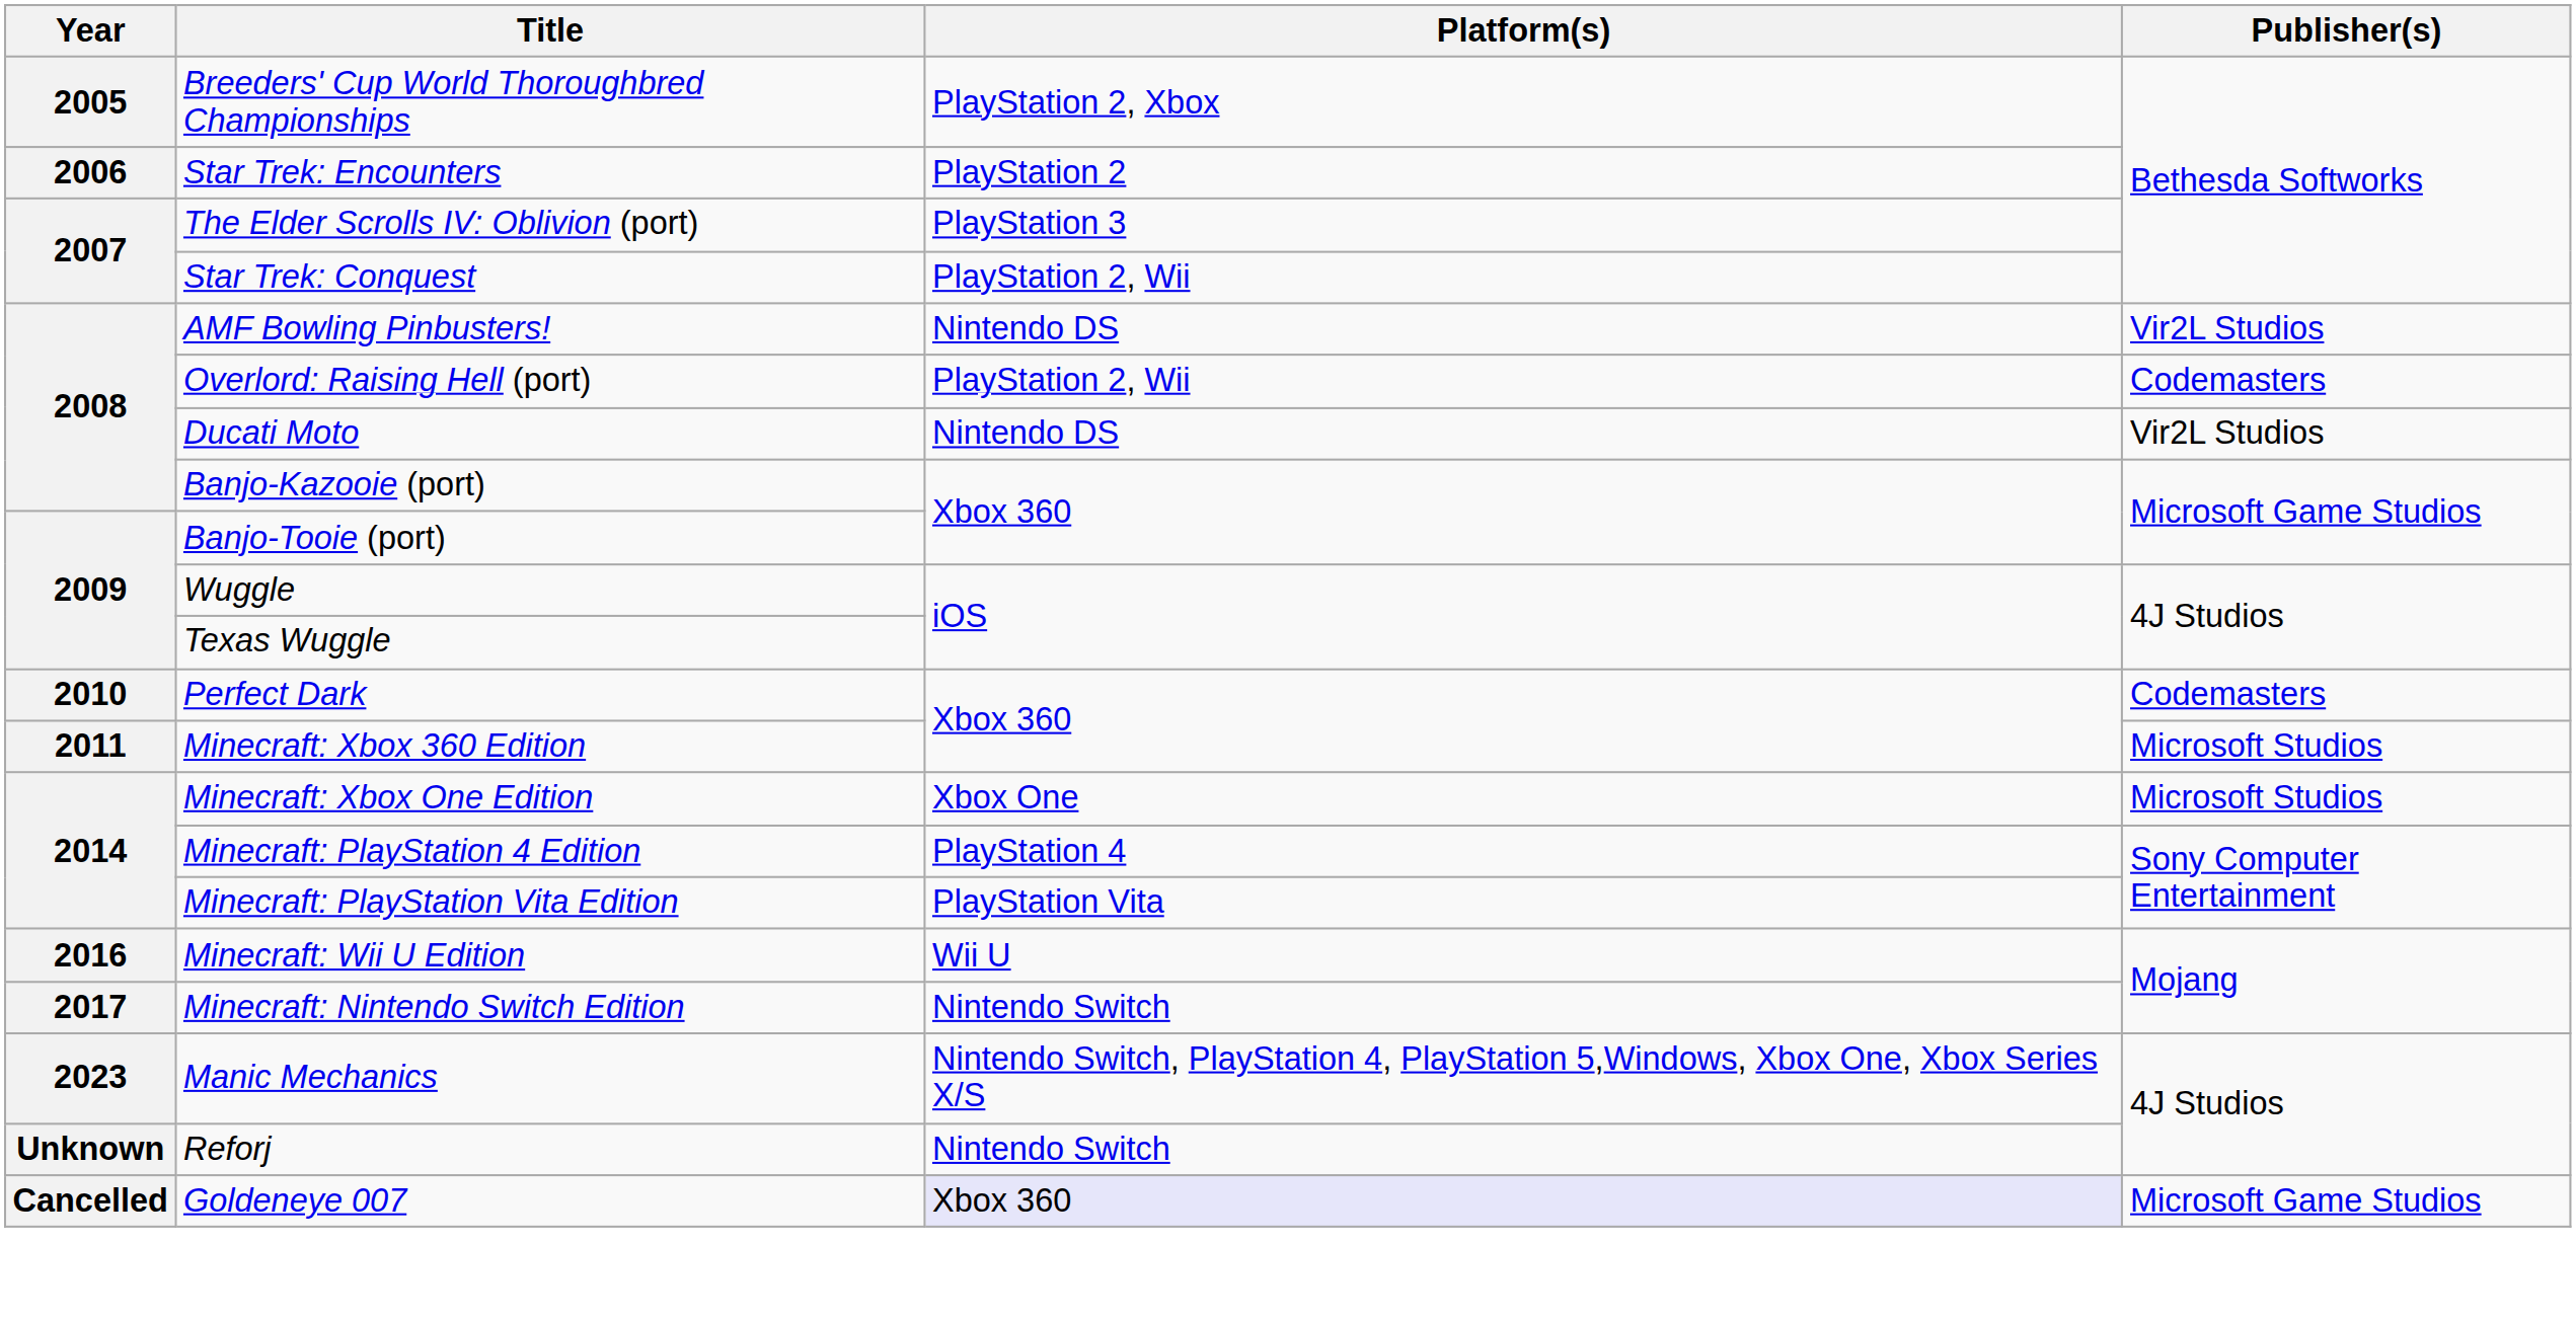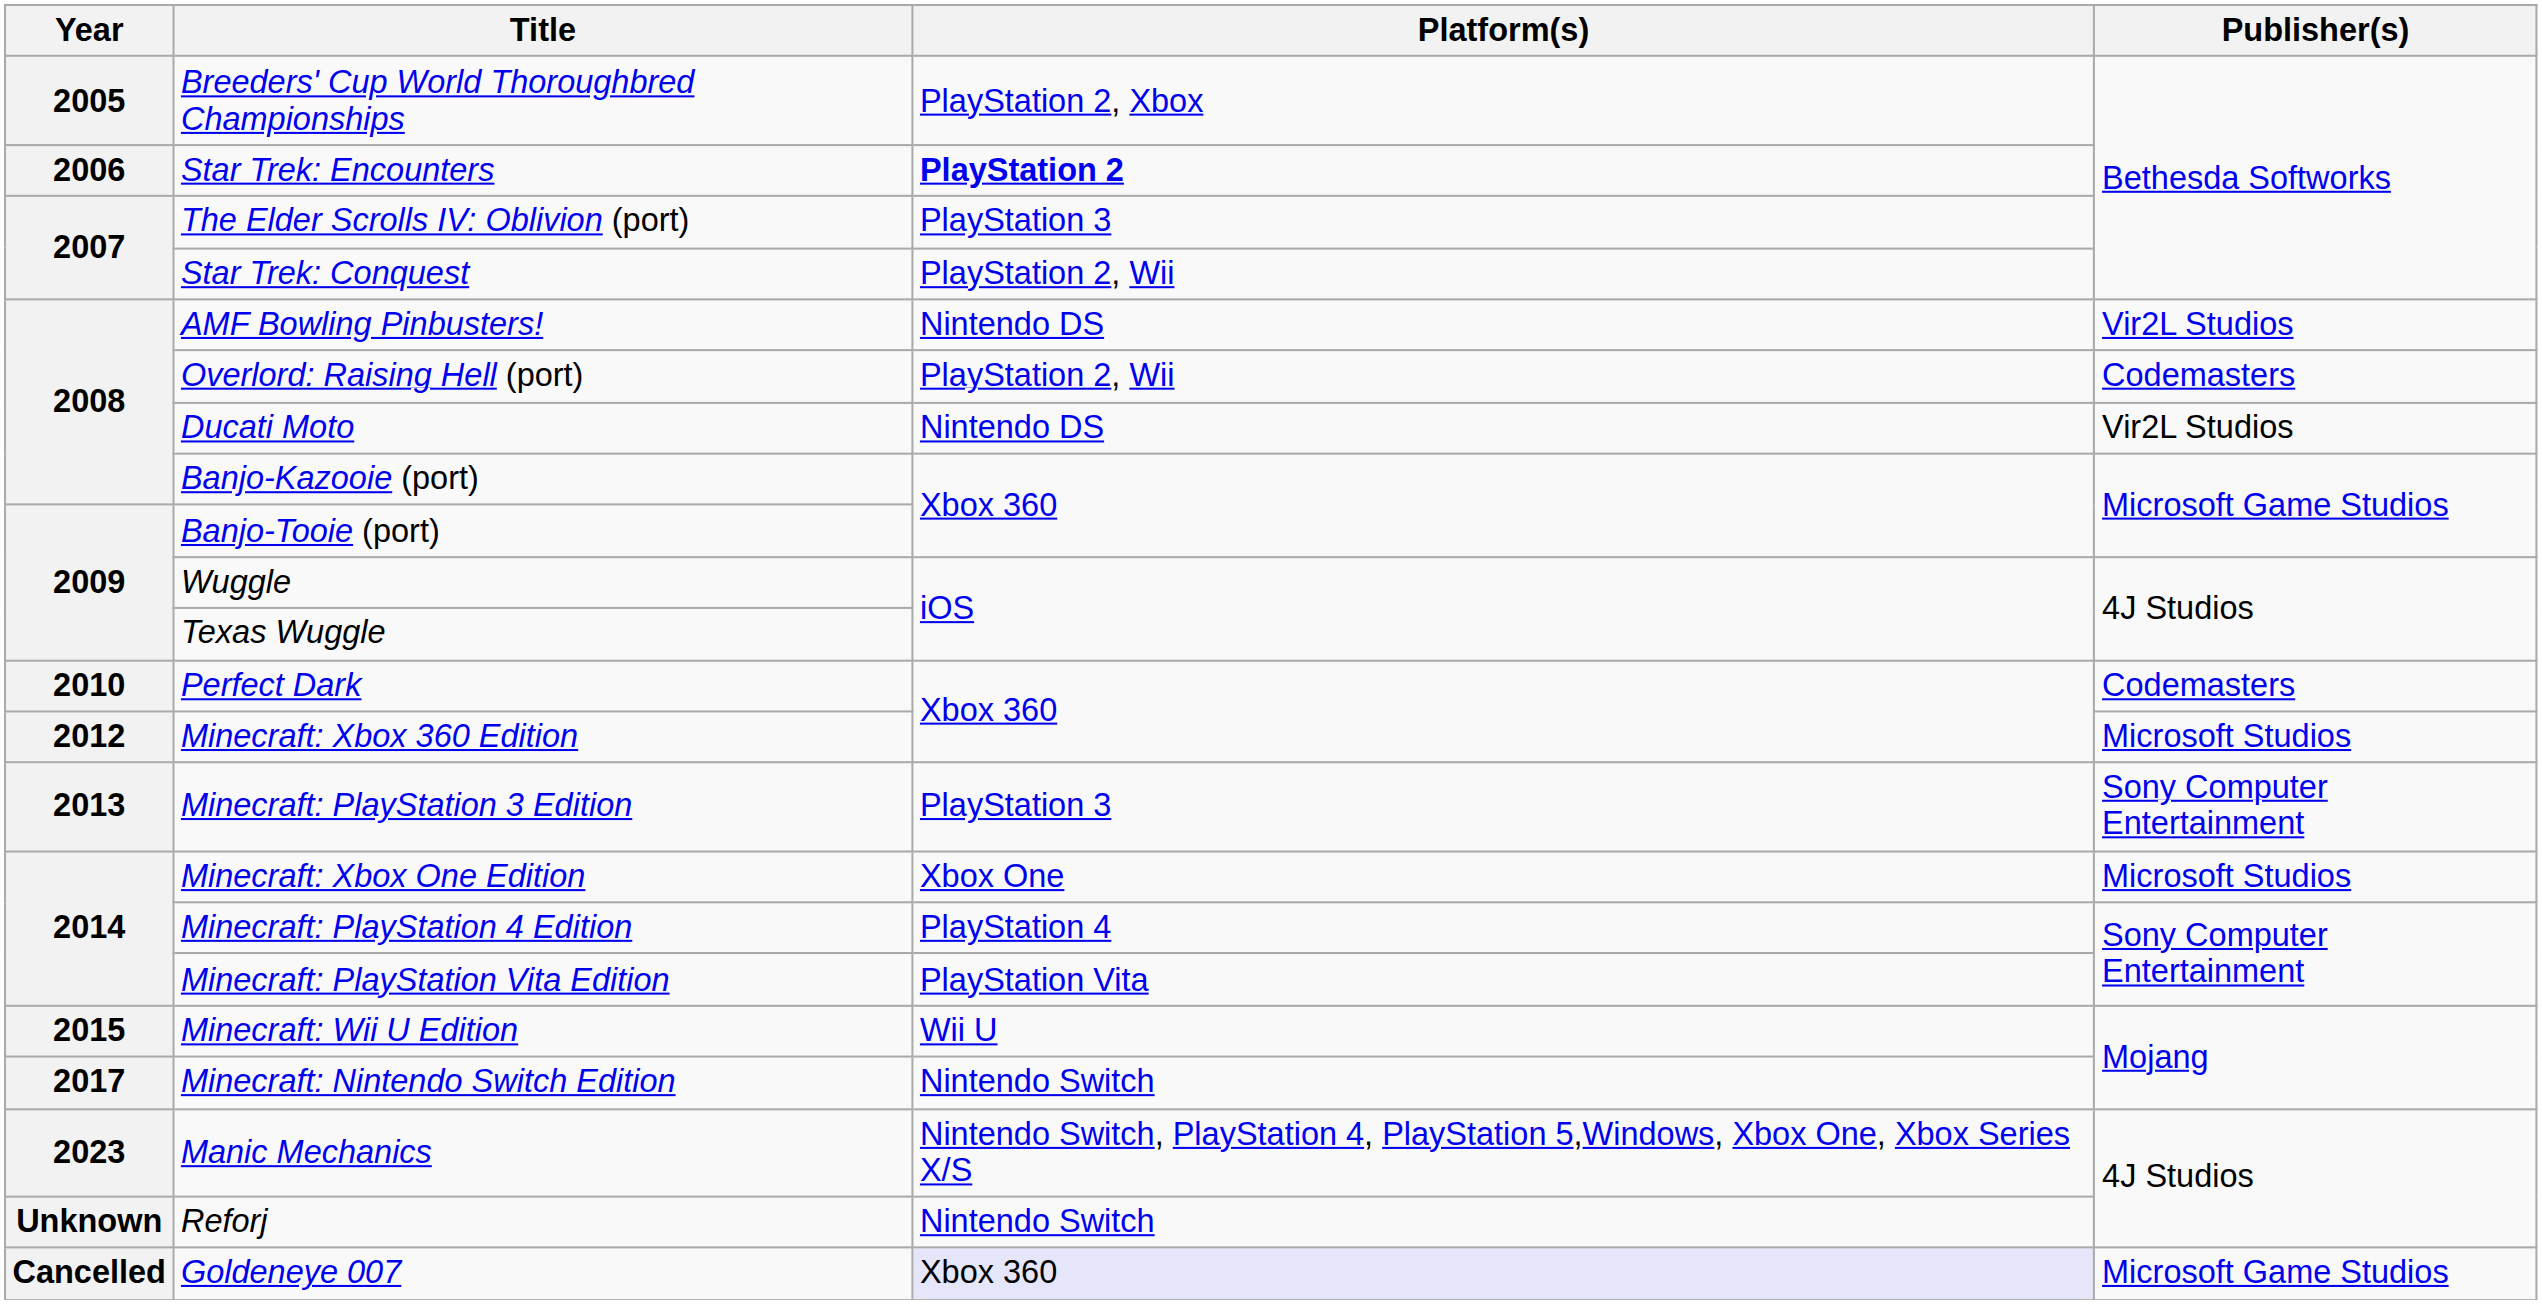 <table class="wikitable sortable plainrowheaders">
 <tr>
 <th scope="col">Year</th>
 <th scope="col">Title</th>
 <th scope="col">Platform(s)</th>
 <th scope="col">Publisher(s)</th>
 </tr>
 <tr>
 <th scope="row">2005</th>
 <td><em><a href='#'>Breeders' Cup World Thoroughbred Championships</a></em></td>
 <td><a href='#'>PlayStation 2</a>, <a href='#'>Xbox</a></td>
 <td rowspan="4"><a href='#'>Bethesda Softworks</a></td>
 </tr>
 <tr>
 <th scope="row">2006</th>
 <td><em><a href='#'>Star Trek: Encounters</a></em></td>
-<td><a href='#'>PlayStation 2</a></td>
+<td><strong><a href='#'>PlayStation 2</a></strong></td>
 </tr>
 <tr>
 <th scope="row" rowspan="2">2007</th>
 <td><em><a href='#'>The Elder Scrolls IV: Oblivion</a></em> (port)</td>
 <td><a href='#'>PlayStation 3</a></td>
 </tr>
 <tr>
 <td><em><a href='#'>Star Trek: Conquest</a></em></td>
 <td><a href='#'>PlayStation 2</a>, <a href='#'>Wii</a></td>
 </tr>
 <tr>
 <th scope="row" rowspan="4">2008</th>
 <td><em><a href='#'>AMF Bowling Pinbusters!</a></em></td>
 <td><a href='#'>Nintendo DS</a></td>
 <td><a href='#'>Vir2L Studios</a></td>
 </tr>
 <tr>
 <td><em><a href='#'>Overlord: Raising Hell</a></em> (port)</td>
 <td><a href='#'>PlayStation 2</a>, <a href='#'>Wii</a></td>
 <td><a href='#'>Codemasters</a></td>
 </tr>
 <tr>
 <td><em><a href='#'>Ducati Moto</a></em></td>
 <td><a href='#'>Nintendo DS</a></td>
 <td>Vir2L Studios</td>
 </tr>
 <tr>
 <td><em><a href='#'>Banjo-Kazooie</a></em> (port)</td>
 <td rowspan="2"><a href='#'>Xbox 360</a></td>
 <td rowspan="2"><a href='#'>Microsoft Game Studios</a></td>
 </tr>
 <tr>
 <th scope="row" rowspan="3">2009</th>
 <td><em><a href='#'>Banjo-Tooie</a></em> (port)</td>
 </tr>
 <tr>
 <td><em>Wuggle</em></td>
 <td rowspan="2"><a href='#'>iOS</a></td>
 <td rowspan="2">4J Studios</td>
 </tr>
 <tr>
 <td><em>Texas Wuggle</em></td>
 </tr>
 <tr>
 <th scope="row">2010</th>
 <td><em><a href='#'>Perfect Dark</a></em></td>
 <td rowspan="2"><a href='#'>Xbox 360</a></td>
 <td><a href='#'>Codemasters</a></td>
 </tr>
 <tr>
-<th scope="row">2011</th>
+<th scope="row">2012</th>
 <td><em><a href='#'>Minecraft: Xbox 360 Edition</a></em></td>
 <td><a href='#'>Microsoft Studios</a></td>
+</tr>
+<tr>
+<th scope="row">2013</th>
+<td><em><a href='#'>Minecraft: PlayStation 3 Edition</a></em></td>
+<td><a href='#'>PlayStation 3</a></td>
+<td><a href='#'>Sony Computer Entertainment</a></td>
 </tr>
 <tr>
 <th scope="row" rowspan="3">2014</th>
 <td><em><a href='#'>Minecraft: Xbox One Edition</a></em></td>
 <td><a href='#'>Xbox One</a></td>
 <td><a href='#'>Microsoft Studios</a></td>
 </tr>
 <tr>
 <td><em><a href='#'>Minecraft: PlayStation 4 Edition</a></em></td>
 <td><a href='#'>PlayStation 4</a></td>
 <td rowspan="2"><a href='#'>Sony Computer Entertainment</a></td>
 </tr>
 <tr>
 <td><em><a href='#'>Minecraft: PlayStation Vita Edition</a></em></td>
 <td><a href='#'>PlayStation Vita</a></td>
 </tr>
 <tr>
-<th scope="row">2016</th>
+<th scope="row">2015</th>
 <td><em><a href='#'>Minecraft: Wii U Edition</a></em></td>
 <td><a href='#'>Wii U</a></td>
 <td rowspan="2"><a href='#'>Mojang</a></td>
 </tr>
 <tr>
 <th scope="row">2017</th>
 <td><em><a href='#'>Minecraft: Nintendo Switch Edition</a></em></td>
 <td><a href='#'>Nintendo Switch</a></td>
 </tr>
 <tr>
 <th scope="row">2023</th>
 <td><em><a href='#'>Manic Mechanics</a></em></td>
 <td><a href='#'>Nintendo Switch</a>, <a href='#'>PlayStation 4</a>, <a href='#'>PlayStation 5</a>,<a href='#'>Windows</a>, <a href='#'>Xbox One</a>, <a href='#'>Xbox Series X/S</a></td>
 <td rowspan=2>4J Studios</td>
 </tr>
 <tr>
 <th scope="row">Unknown</th>
 <td><em>Reforj</em></td>
 <td><a href='#'>Nintendo Switch</a></td>
 </tr>
 <tr>
 <th scope="row">Cancelled</th>
 <td><em><a href='#'>Goldeneye 007</a></em></td>
 <td style="background: lavender;">Xbox 360</td>
 <td><a href='#'>Microsoft Game Studios</a></td>
 </tr>
 </table>
